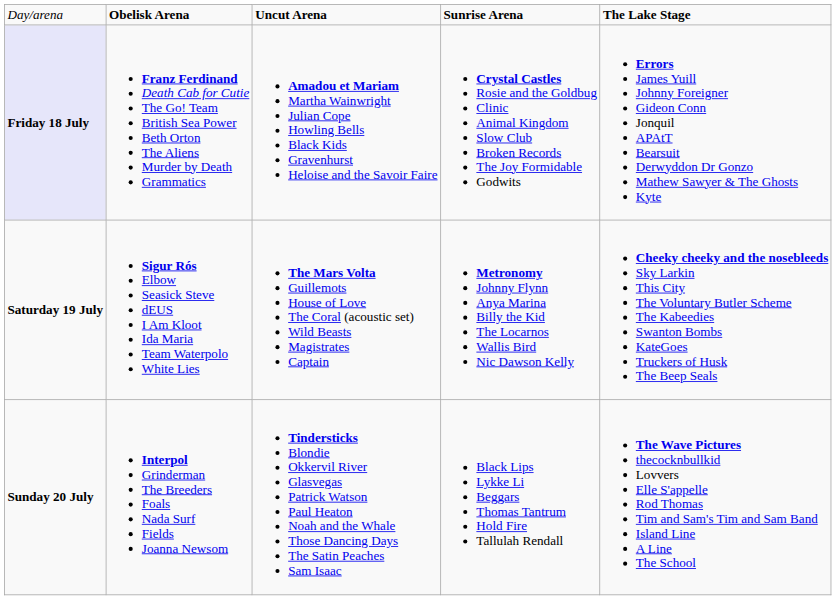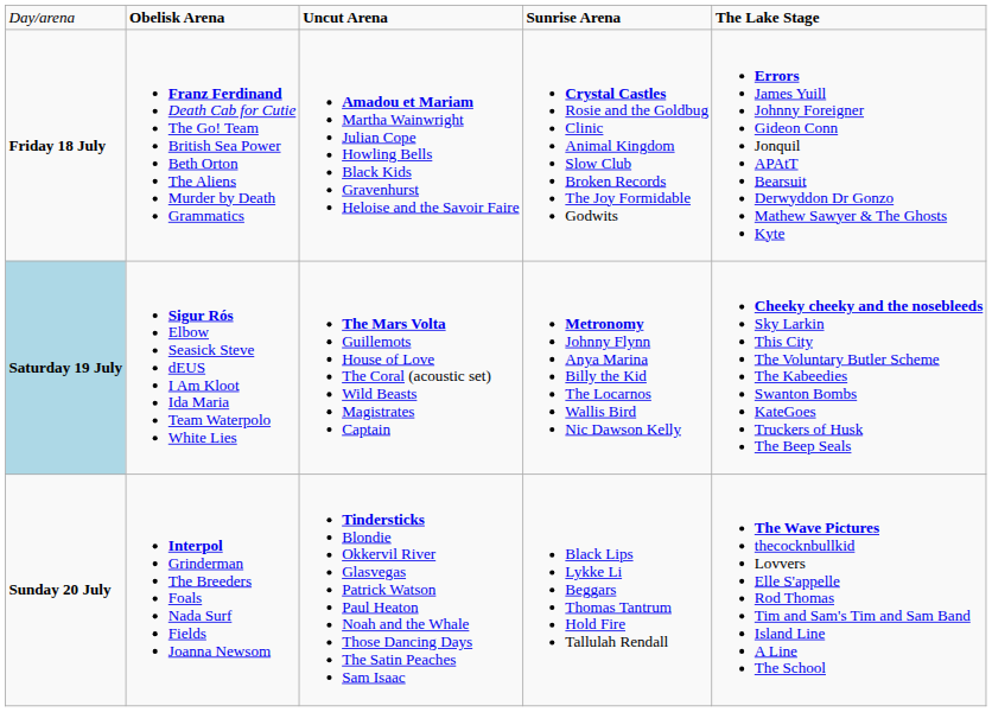 <table class="wikitable">
 <tr>
 <td><em>Day/arena</em></td>
 <td><strong>Obelisk Arena</strong></td>
 <td><strong>Uncut Arena</strong></td>
 <td><strong>Sunrise Arena</strong></td>
 <td><strong>The Lake Stage</strong></td>
 </tr>
 <tr>
-<td style="background: lavender;"><strong>Friday 18 July</strong></td>
+<td><strong>Friday 18 July</strong></td>
 <td><br><ul><li><strong><a href='#'>Franz Ferdinand</a></strong></li><li><em><a href='#'>Death Cab for Cutie</a></em></li><li><a href='#'>The Go! Team</a></li><li><a href='#'>British Sea Power</a></li><li><a href='#'>Beth Orton</a></li><li><a href='#'>The Aliens</a></li><li><a href='#'>Murder by Death</a></li><li><a href='#'>Grammatics</a></li></ul></td>
 <td><br><ul><li><strong><a href='#'>Amadou et Mariam</a></strong></li><li><a href='#'>Martha Wainwright</a></li><li><a href='#'>Julian Cope</a></li><li><a href='#'>Howling Bells</a></li><li><a href='#'>Black Kids</a></li><li><a href='#'>Gravenhurst</a></li><li><a href='#'>Heloise and the Savoir Faire</a></li></ul></td>
 <td><br><ul><li><strong><a href='#'>Crystal Castles</a></strong></li><li><a href='#'>Rosie and the Goldbug</a></li><li><a href='#'>Clinic</a></li><li><a href='#'>Animal Kingdom</a></li><li><a href='#'>Slow Club</a></li><li><a href='#'>Broken Records</a></li><li><a href='#'>The Joy Formidable</a></li><li>Godwits</li></ul></td>
 <td><br><ul><li><strong><a href='#'>Errors</a></strong></li><li><a href='#'>James Yuill</a></li><li><a href='#'>Johnny Foreigner</a></li><li><a href='#'>Gideon Conn</a></li><li>Jonquil</li><li><a href='#'>APAtT</a></li><li><a href='#'>Bearsuit</a></li><li><a href='#'>Derwyddon Dr Gonzo</a></li><li><a href='#'>Mathew Sawyer & The Ghosts</a></li><li><a href='#'>Kyte</a></li></ul></td>
 </tr>
 <tr>
-<td><strong>Saturday 19 July</strong></td>
+<td style="background: lightblue;"><strong>Saturday 19 July</strong></td>
 <td><br><ul><li><strong><a href='#'>Sigur Rós</a></strong></li><li><a href='#'>Elbow</a></li><li><a href='#'>Seasick Steve</a></li><li><a href='#'>dEUS</a></li><li><a href='#'>I Am Kloot</a></li><li><a href='#'>Ida Maria</a></li><li><a href='#'>Team Waterpolo</a></li><li><a href='#'>White Lies</a></li></ul></td>
 <td><br><ul><li><strong><a href='#'>The Mars Volta</a></strong></li><li><a href='#'>Guillemots</a></li><li><a href='#'>House of Love</a></li><li><a href='#'>The Coral</a> (acoustic set)</li><li><a href='#'>Wild Beasts</a></li><li><a href='#'>Magistrates</a></li><li><a href='#'>Captain</a></li></ul></td>
 <td><br><ul><li><strong><a href='#'>Metronomy</a></strong></li><li><a href='#'>Johnny Flynn</a></li><li><a href='#'>Anya Marina</a></li><li><a href='#'>Billy the Kid</a></li><li><a href='#'>The Locarnos</a></li><li><a href='#'>Wallis Bird</a></li><li><a href='#'>Nic Dawson Kelly</a></li></ul></td>
 <td><br><ul><li><strong><a href='#'>Cheeky cheeky and the nosebleeds</a></strong></li><li><a href='#'>Sky Larkin</a></li><li><a href='#'>This City</a></li><li><a href='#'>The Voluntary Butler Scheme</a></li><li><a href='#'>The Kabeedies</a></li><li><a href='#'>Swanton Bombs</a></li><li><a href='#'>KateGoes</a></li><li><a href='#'>Truckers of Husk</a></li><li><a href='#'>The Beep Seals</a></li></ul></td>
 </tr>
 <tr>
 <td><strong>Sunday 20 July</strong></td>
 <td><br><ul><li><strong><a href='#'>Interpol</a></strong></li><li><a href='#'>Grinderman</a></li><li><a href='#'>The Breeders</a></li><li><a href='#'>Foals</a></li><li><a href='#'>Nada Surf</a></li><li><a href='#'>Fields</a></li><li><a href='#'>Joanna Newsom</a></li></ul></td>
 <td><br><ul><li><strong><a href='#'>Tindersticks</a></strong></li><li><a href='#'>Blondie</a></li><li><a href='#'>Okkervil River</a></li><li><a href='#'>Glasvegas</a></li><li><a href='#'>Patrick Watson</a></li><li><a href='#'>Paul Heaton</a></li><li><a href='#'>Noah and the Whale</a></li><li><a href='#'>Those Dancing Days</a></li><li><a href='#'>The Satin Peaches</a></li><li><a href='#'>Sam Isaac</a></li></ul></td>
 <td><br><ul><li><a href='#'>Black Lips</a></li><li><a href='#'>Lykke Li</a></li><li><a href='#'>Beggars</a></li><li><a href='#'>Thomas Tantrum</a></li><li><a href='#'>Hold Fire</a></li><li>Tallulah Rendall</li></ul></td>
 <td><br><ul><li><strong><a href='#'>The Wave Pictures</a></strong></li><li><a href='#'>thecocknbullkid</a></li><li>Lovvers</li><li><a href='#'>Elle S'appelle</a></li><li><a href='#'>Rod Thomas</a></li><li><a href='#'>Tim and Sam's Tim and Sam Band</a></li><li><a href='#'>Island Line</a></li><li><a href='#'>A Line</a></li><li><a href='#'>The School</a></li></ul></td>
 </tr>
 </table>
